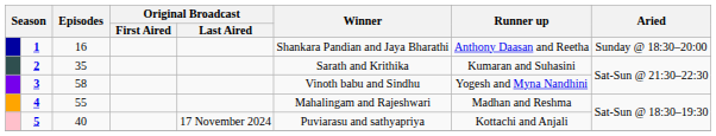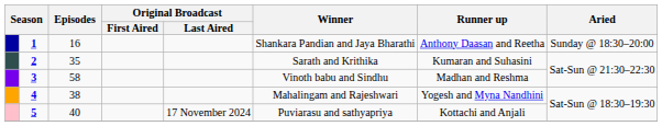 <table class="wikitable" style="text-align:center">
 <tr>
 <th style="padding: 0 8px" colspan="2" rowspan="2">Season</th>
 <th style="padding: 0 8px" rowspan="2">Episodes</th>
 <th colspan="2">Original Broadcast</th>
 <th rowspan="2">Winner</th>
 <th rowspan="2">Runner up</th>
 <th rowspan="2">Aried</th>
 </tr>
 <tr>
 <th style="padding: 0 8px">First Aired</th>
 <th style="padding: 0 8px">Last Aired</th>
 </tr>
 <tr>
 <td style="background:#0000A0"></td>
 <td align="center"><strong><a href='#'>1</a></strong></td>
 <td>16</td>
 <td align="center"></td>
 <td></td>
 <td>Shankara Pandian and Jaya Bharathi</td>
 <td><a href='#'>Anthony Daasan</a> and Reetha</td>
 <td rowspan="1"align="center">Sunday @ 18:30–20:00</td>
 </tr>
 <tr>
 <td style="background:#2F4F4F"></td>
 <td align="center"><strong><a href='#'>2</a></strong></td>
 <td>35</td>
 <td align="center"></td>
 <td></td>
 <td>Sarath and Krithika</td>
 <td>Kumaran and Suhasini</td>
 <td rowspan="2"align="center">Sat-Sun @ 21:30–22:30</td>
 </tr>
 <tr>
 <td style="background:#7600EC"></td>
 <td align="center"><strong><a href='#'>3</a></strong></td>
 <td>58</td>
 <td align="center"></td>
 <td></td>
 <td>Vinoth babu and Sindhu</td>
-<td>Yogesh and <a href='#'>Myna Nandhini</a></td>
+<td>Madhan and Reshma</td>
 </tr>
 <tr>
 <td style="background:#FFA500"></td>
 <td align="center"><strong><a href='#'>4</a></strong></td>
-<td align="center">55</td>
+<td align="center">38</td>
 <td align="center"></td>
 <td></td>
 <td>Mahalingam and Rajeshwari</td>
-<td>Madhan and Reshma</td>
+<td>Yogesh and <a href='#'>Myna Nandhini</a></td>
 <td rowspan="2"align="center">Sat-Sun @ 18:30–19:30</td>
 </tr>
 <tr>
 <td style="background:Pink"></td>
 <td align="center"><strong><a href='#'>5</a></strong></td>
 <td align="center">40</td>
 <td align="center"></td>
 <td>17 November 2024</td>
 <td>Puviarasu and        sathyapriya</td>
 <td>Kottachi and     Anjali</td>
 </tr>
 <tr>
 </tr>
 </table>
